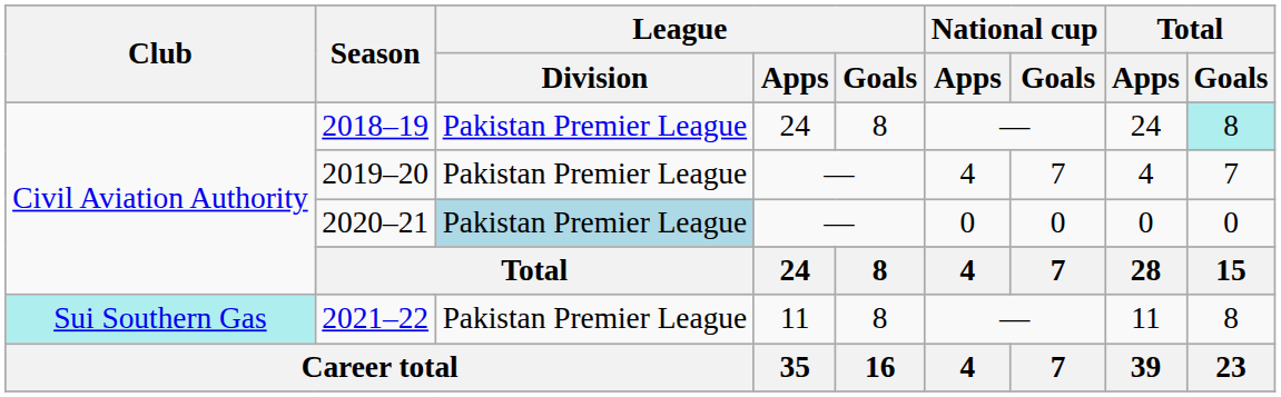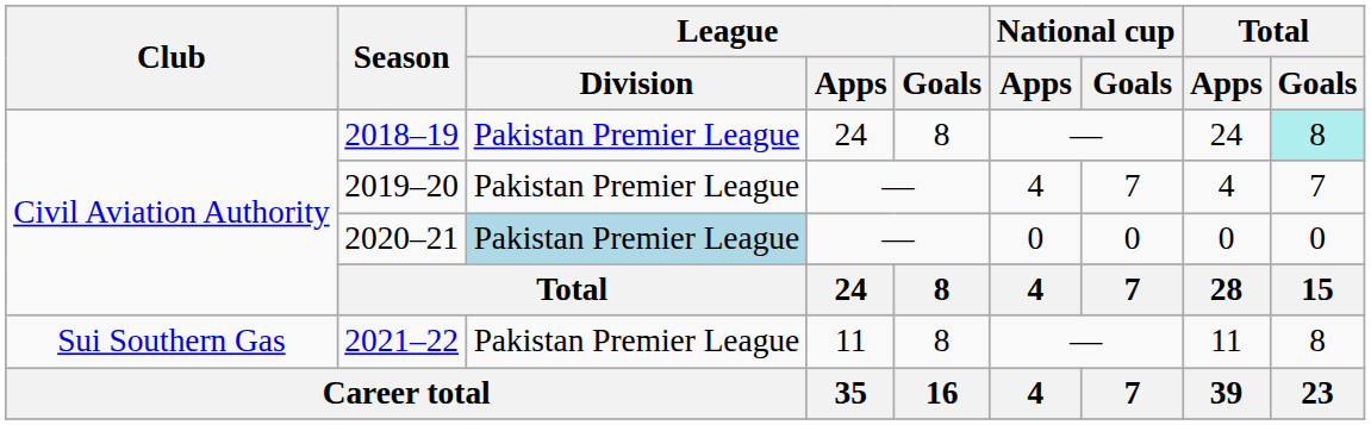 <table class="wikitable" style="text-align:center">
 <tr>
 <th rowspan=2>Club</th>
 <th rowspan=2>Season</th>
 <th colspan=3>League</th>
 <th colspan=2>National cup</th>
 <th colspan=2>Total</th>
 </tr>
 <tr>
 <th>Division</th>
 <th>Apps</th>
 <th>Goals</th>
 <th>Apps</th>
 <th>Goals</th>
 <th>Apps</th>
 <th>Goals</th>
 </tr>
 <tr>
 <td rowspan=4><a href='#'>Civil Aviation Authority</a></td>
 <td><a href='#'>2018–19</a></td>
 <td><a href='#'>Pakistan Premier League</a></td>
 <td>24</td>
 <td>8</td>
 <td colspan=2>—</td>
 <td>24</td>
 <td style="background: paleturquoise;">8</td>
 </tr>
 <tr>
 <td>2019–20</td>
 <td>Pakistan Premier League</td>
 <td colspan=2>—</td>
 <td>4</td>
 <td>7</td>
 <td>4</td>
 <td>7</td>
 </tr>
 <tr>
 <td>2020–21</td>
 <td style="background: lightblue;">Pakistan Premier League</td>
 <td colspan=2>—</td>
 <td>0</td>
 <td>0</td>
 <td>0</td>
 <td>0</td>
 </tr>
 <tr>
 <th colspan=2>Total</th>
 <th>24</th>
 <th>8</th>
 <th>4</th>
 <th>7</th>
 <th>28</th>
 <th>15</th>
 </tr>
 <tr>
-<td style="background: paleturquoise;"><a href='#'>Sui Southern Gas</a></td>
+<td><a href='#'>Sui Southern Gas</a></td>
 <td><a href='#'>2021–22</a></td>
 <td>Pakistan Premier League</td>
 <td>11</td>
 <td>8</td>
 <td colspan=2>—</td>
 <td>11</td>
 <td>8</td>
 </tr>
 <tr>
 <th colspan=3>Career total</th>
 <th>35</th>
 <th>16</th>
 <th>4</th>
 <th>7</th>
 <th>39</th>
 <th>23</th>
 </tr>
 </table>
